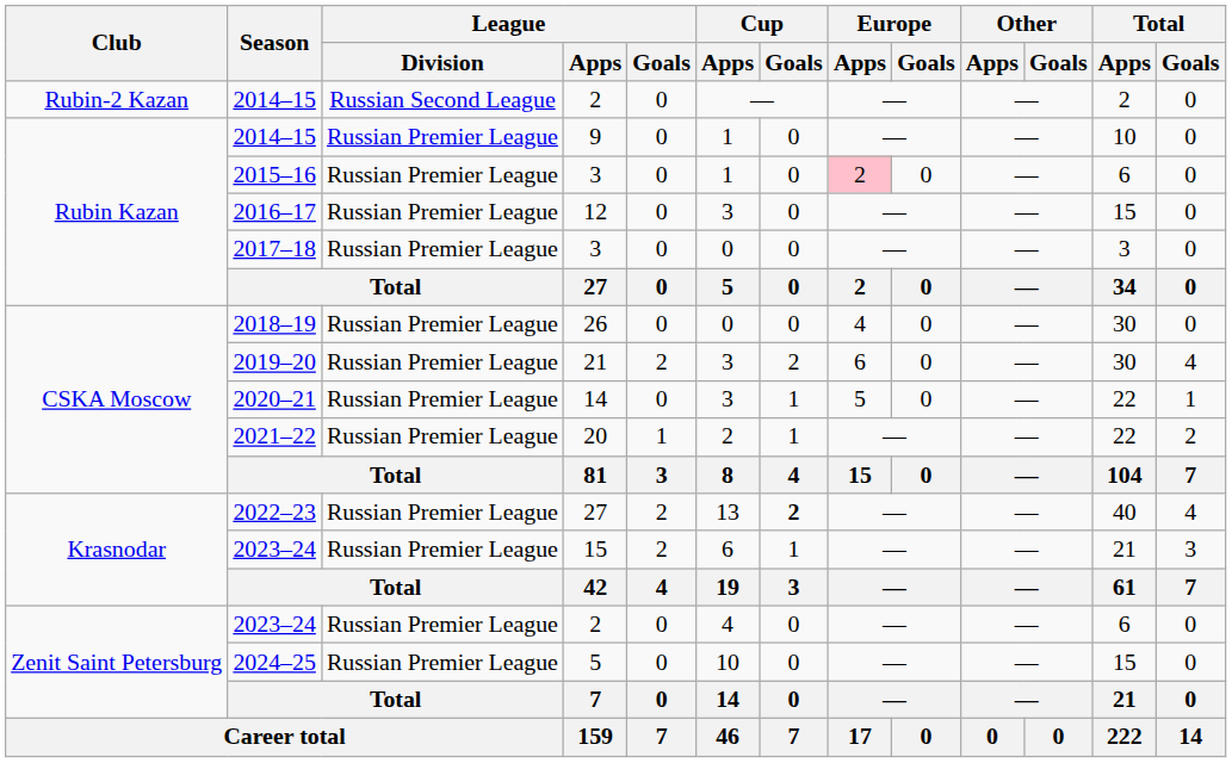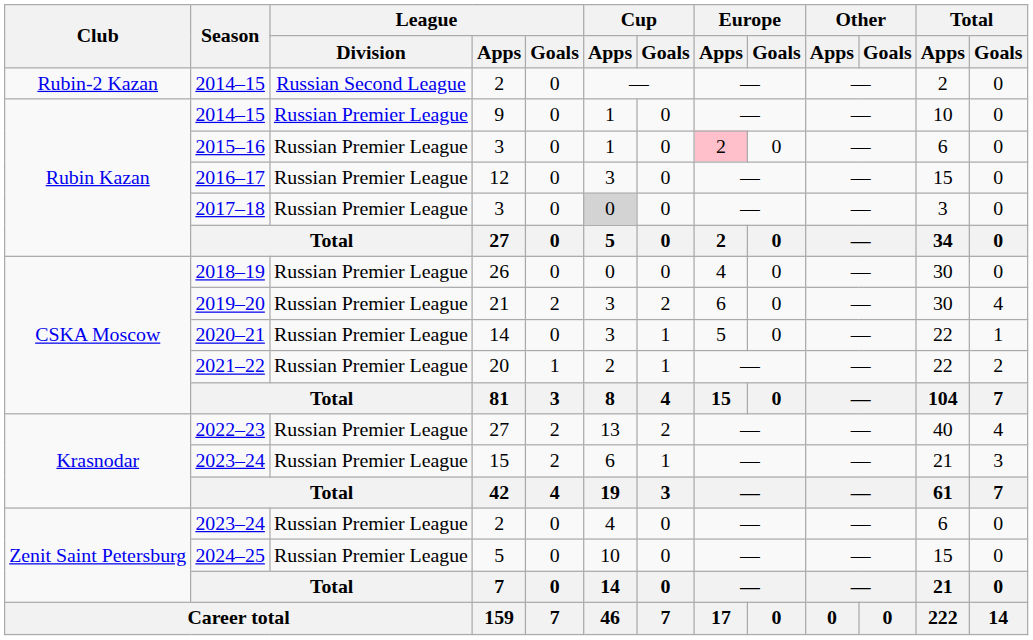 <table class="wikitable" style="text-align: center">
 <tr>
 <th rowspan="2">Club</th>
 <th rowspan="2">Season</th>
 <th colspan="3">League</th>
 <th colspan="2">Cup</th>
 <th colspan="2">Europe</th>
 <th colspan="2">Other</th>
 <th colspan="2">Total</th>
 </tr>
 <tr>
 <th>Division</th>
 <th>Apps</th>
 <th>Goals</th>
 <th>Apps</th>
 <th>Goals</th>
 <th>Apps</th>
 <th>Goals</th>
 <th>Apps</th>
 <th>Goals</th>
 <th>Apps</th>
 <th>Goals</th>
 </tr>
 <tr>
 <td><a href='#'>Rubin-2 Kazan</a></td>
 <td><a href='#'>2014–15</a></td>
 <td><a href='#'>Russian Second League</a></td>
 <td>2</td>
 <td>0</td>
 <td colspan="2">—</td>
 <td colspan="2">—</td>
 <td colspan="2">—</td>
 <td>2</td>
 <td>0</td>
 </tr>
 <tr>
 <td rowspan="5"><a href='#'>Rubin Kazan</a></td>
 <td><a href='#'>2014–15</a></td>
 <td><a href='#'>Russian Premier League</a></td>
 <td>9</td>
 <td>0</td>
 <td>1</td>
 <td>0</td>
 <td colspan="2">—</td>
 <td colspan="2">—</td>
 <td>10</td>
 <td>0</td>
 </tr>
 <tr>
 <td><a href='#'>2015–16</a></td>
 <td>Russian Premier League</td>
 <td>3</td>
 <td>0</td>
 <td>1</td>
 <td>0</td>
 <td style="background: pink;">2</td>
 <td>0</td>
 <td colspan="2">—</td>
 <td>6</td>
 <td>0</td>
 </tr>
 <tr>
 <td><a href='#'>2016–17</a></td>
 <td>Russian Premier League</td>
 <td>12</td>
 <td>0</td>
 <td>3</td>
 <td>0</td>
 <td colspan="2">—</td>
 <td colspan="2">—</td>
 <td>15</td>
 <td>0</td>
 </tr>
 <tr>
 <td><a href='#'>2017–18</a></td>
 <td>Russian Premier League</td>
 <td>3</td>
 <td>0</td>
-<td>0</td>
+<td style="background: lightgrey;">0</td>
 <td>0</td>
 <td colspan="2">—</td>
 <td colspan="2">—</td>
 <td>3</td>
 <td>0</td>
 </tr>
 <tr>
 <th colspan="2">Total</th>
 <th>27</th>
 <th>0</th>
 <th>5</th>
 <th>0</th>
 <th>2</th>
 <th>0</th>
 <th colspan="2">—</th>
 <th>34</th>
 <th>0</th>
 </tr>
 <tr>
 <td rowspan="5"><a href='#'>CSKA Moscow</a></td>
 <td><a href='#'>2018–19</a></td>
 <td>Russian Premier League</td>
 <td>26</td>
 <td>0</td>
 <td>0</td>
 <td>0</td>
 <td>4</td>
 <td>0</td>
 <td colspan="2">—</td>
 <td>30</td>
 <td>0</td>
 </tr>
 <tr>
 <td><a href='#'>2019–20</a></td>
 <td>Russian Premier League</td>
 <td>21</td>
 <td>2</td>
 <td>3</td>
 <td>2</td>
 <td>6</td>
 <td>0</td>
 <td colspan="2">—</td>
 <td>30</td>
 <td>4</td>
 </tr>
 <tr>
 <td><a href='#'>2020–21</a></td>
 <td>Russian Premier League</td>
 <td>14</td>
 <td>0</td>
 <td>3</td>
 <td>1</td>
 <td>5</td>
 <td>0</td>
 <td colspan="2">—</td>
 <td>22</td>
 <td>1</td>
 </tr>
 <tr>
 <td><a href='#'>2021–22</a></td>
 <td>Russian Premier League</td>
 <td>20</td>
 <td>1</td>
 <td>2</td>
 <td>1</td>
 <td colspan="2">—</td>
 <td colspan="2">—</td>
 <td>22</td>
 <td>2</td>
 </tr>
 <tr>
 <th colspan="2">Total</th>
 <th>81</th>
 <th>3</th>
 <th>8</th>
 <th>4</th>
 <th>15</th>
 <th>0</th>
 <th colspan="2">—</th>
 <th>104</th>
 <th>7</th>
 </tr>
 <tr>
 <td rowspan="3"><a href='#'>Krasnodar</a></td>
 <td><a href='#'>2022–23</a></td>
 <td>Russian Premier League</td>
 <td>27</td>
 <td>2</td>
 <td>13</td>
-<td><strong>2</strong></td>
+<td>2</td>
 <td colspan="2">—</td>
 <td colspan="2">—</td>
 <td>40</td>
 <td>4</td>
 </tr>
 <tr>
 <td><a href='#'>2023–24</a></td>
 <td>Russian Premier League</td>
 <td>15</td>
 <td>2</td>
 <td>6</td>
 <td>1</td>
 <td colspan="2">—</td>
 <td colspan="2">—</td>
 <td>21</td>
 <td>3</td>
 </tr>
 <tr>
 <th colspan="2">Total</th>
 <th>42</th>
 <th>4</th>
 <th>19</th>
 <th>3</th>
 <th colspan="2">—</th>
 <th colspan="2">—</th>
 <th>61</th>
 <th>7</th>
 </tr>
 <tr>
 <td rowspan="3"><a href='#'>Zenit Saint Petersburg</a></td>
 <td><a href='#'>2023–24</a></td>
 <td>Russian Premier League</td>
 <td>2</td>
 <td>0</td>
 <td>4</td>
 <td>0</td>
 <td colspan="2">—</td>
 <td colspan="2">—</td>
 <td>6</td>
 <td>0</td>
 </tr>
 <tr>
 <td><a href='#'>2024–25</a></td>
 <td>Russian Premier League</td>
 <td>5</td>
 <td>0</td>
 <td>10</td>
 <td>0</td>
 <td colspan="2">—</td>
 <td colspan="2">—</td>
 <td>15</td>
 <td>0</td>
 </tr>
 <tr>
 <th colspan="2">Total</th>
 <th>7</th>
 <th>0</th>
 <th>14</th>
 <th>0</th>
 <th colspan="2">—</th>
 <th colspan="2">—</th>
 <th>21</th>
 <th>0</th>
 </tr>
 <tr>
 <th colspan="3">Career total</th>
 <th>159</th>
 <th>7</th>
 <th>46</th>
 <th>7</th>
 <th>17</th>
 <th>0</th>
 <th>0</th>
 <th>0</th>
 <th>222</th>
 <th>14</th>
 </tr>
 </table>
